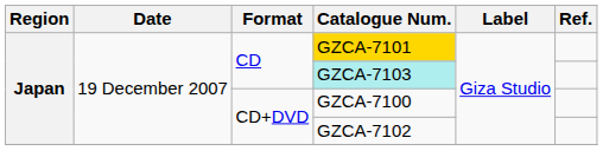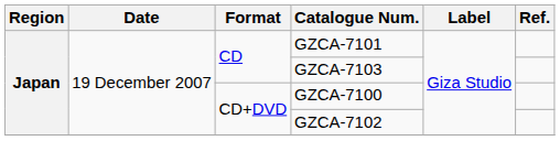 <table class="wikitable sortable plainrowheaders">
 <tr>
 <th scope="col">Region</th>
 <th scope="col">Date</th>
 <th scope="col">Format</th>
 <th scope="col">Catalogue Num.</th>
 <th scope="col">Label</th>
 <th scope="col">Ref.</th>
 </tr>
 <tr>
 <th scope="row" rowspan="4">Japan</th>
 <td rowspan="4">19 December 2007</td>
 <td rowspan="2"><a href='#'>CD</a></td>
-<td style="background: gold;">GZCA-7101</td>
+<td>GZCA-7101</td>
 <td rowspan="4"><a href='#'>Giza Studio</a></td>
 <td></td>
 </tr>
 <tr>
-<td style="background: paleturquoise;">GZCA-7103</td>
+<td>GZCA-7103</td>
 <td></td>
 </tr>
 <tr>
 <td rowspan="2">CD+<a href='#'>DVD</a></td>
 <td>GZCA-7100</td>
 <td></td>
 </tr>
 <tr>
 <td>GZCA-7102</td>
 <td></td>
 </tr>
 <tr>
 </tr>
 </table>
